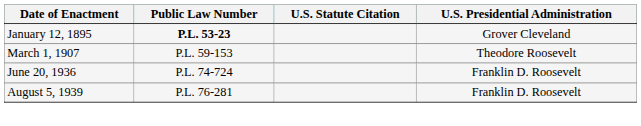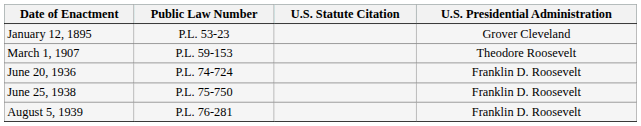 <table class="wikitable" style="border:1px solid gray; align:left; width:65%" cellspacing=3 cellpadding=0>
 <tr style="font-weight:bold; text-align:center; background:#6FF; color:black;">
 <th style=" border-bottom:1.5px solid black">Date of Enactment</th>
 <th style=" border-bottom:1.5px solid black">Public Law Number</th>
 <th style=" border-bottom:1.5px solid black">U.S. Statute Citation</th>
 <th style=" border-bottom:1.5px solid black">U.S. Presidential Administration</th>
 </tr>
 <tr>
 <td style="border-bottom:1px solid gray; background:#F5F5F5;">January 12, 1895</td>
-<td style="border-bottom:1px solid gray; background:#F5F5F5; text-align:center;"><strong>P.L. 53-23</strong></td>
+<td style="border-bottom:1px solid gray; background:#F5F5F5; text-align:center;">P.L. 53-23</td>
 <td style="border-bottom:1px solid gray; background:#F5F5F5; text-align:center;"></td>
 <td style="border-bottom:1px solid gray; background:#F5F5F5; text-align:center;">Grover Cleveland</td>
 </tr>
 <tr>
 <td style="border-bottom:1px solid gray; background:#F5F5F5;">March 1, 1907</td>
 <td style="border-bottom:1px solid gray; background:#F5F5F5; text-align:center;">P.L. 59-153</td>
 <td style="border-bottom:1px solid gray; background:#F5F5F5; text-align:center;"></td>
 <td style="border-bottom:1px solid gray; background:#F5F5F5; text-align:center;">Theodore Roosevelt</td>
 </tr>
 <tr>
 <td style="border-bottom:1px solid gray; background:#F5F5F5;">June 20, 1936</td>
 <td style="border-bottom:1px solid gray; background:#F5F5F5; text-align:center;">P.L. 74-724</td>
 <td style="border-bottom:1px solid gray; background:#F5F5F5; text-align:center;"></td>
 <td style="border-bottom:1px solid gray; background:#F5F5F5; text-align:center;">Franklin D. Roosevelt</td>
 </tr>
 <tr>
+<td style="border-bottom:1px solid gray; background:#F5F5F5;">June 25, 1938</td>
+<td style="border-bottom:1px solid gray; background:#F5F5F5; text-align:center;">P.L. 75-750</td>
+<td style="border-bottom:1px solid gray; background:#F5F5F5; text-align:center;"></td>
+<td style="border-bottom:1px solid gray; background:#F5F5F5; text-align:center;">Franklin D. Roosevelt</td>
+</tr>
+<tr>
 <td style="border-bottom:1.5px solid black; background:#F5F5F5;">August 5, 1939</td>
 <td style="border-bottom:1.5px solid black; background:#F5F5F5; text-align:center;">P.L. 76-281</td>
 <td style="border-bottom:1.5px solid black; background:#F5F5F5; text-align:center;"></td>
 <td style="border-bottom:1.5px solid black; background:#F5F5F5; text-align:center;">Franklin D. Roosevelt</td>
 </tr>
 </table>
